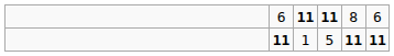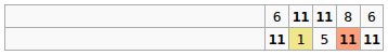 <table class="wikitable">
 <tr>
 <td style="width:18em"></td>
 <td align=center style="width:1em">6</td>
 <td align=center style="width:1em"><strong>11</strong></td>
 <td align=center style="width:1em"><strong>11</strong></td>
 <td align=center style="width:1em">8</td>
 <td align=center style="width:1em">6</td>
 </tr>
 <tr>
 <td style="width:18em"></td>
 <td align=center style="width:1em"><strong>11</strong></td>
-<td align=center style="width:1em">1</td>
+<td align=center style="background: khaki; width:1em">1</td>
 <td align=center style="width:1em">5</td>
-<td align=center style="width:1em"><strong>11</strong></td>
+<td align=center style="background: lightsalmon; width:1em"><strong>11</strong></td>
 <td align=center style="width:1em"><strong>11</strong></td>
 </tr>
 </table>
